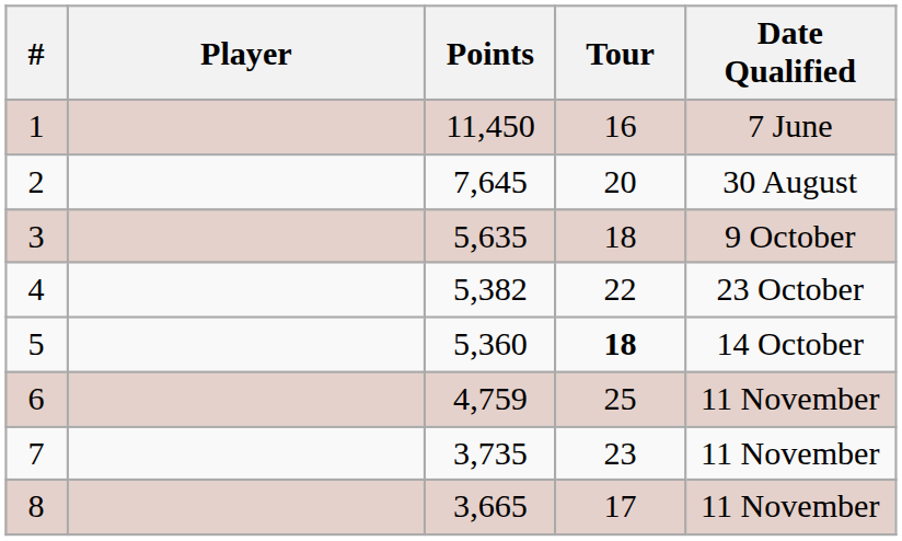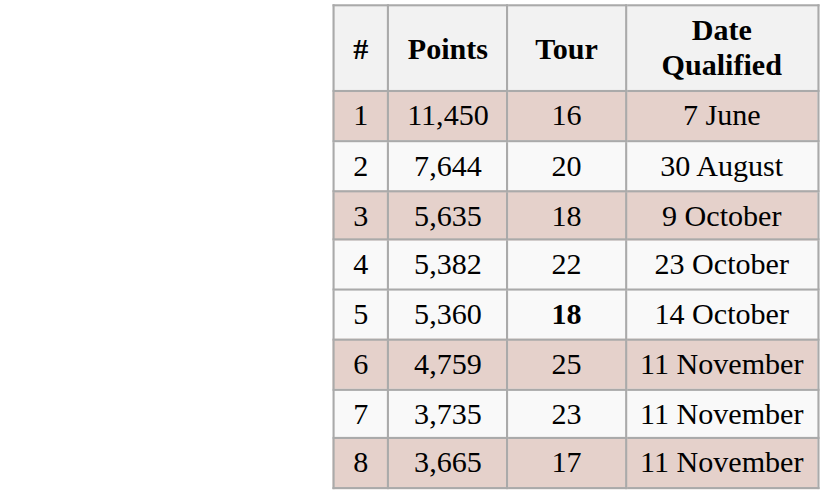 <table class="sortable wikitable" align=right style=text-align:center;font-size:90%;text:justify>
 <tr>
 <th width=20>#</th>
-<th width=150>Player</th>
 <th width=50>Points</th>
 <th width=50>Tour</th>
 <th width=85>Date Qualified</th>
 </tr>
 <tr align=center bgcolor=#e5d1cb>
 <td>1</td>
-<td align=left></td>
 <td>11,450</td>
 <td>16</td>
 <td>7 June</td>
 </tr>
 <tr align=center>
 <td>2</td>
-<td align=left></td>
-<td>7,645</td>
+<td>7,644</td>
 <td>20</td>
 <td>30 August</td>
 </tr>
 <tr align=center bgcolor=#e5d1cb>
 <td>3</td>
-<td align=left></td>
 <td>5,635</td>
 <td>18</td>
 <td>9 October</td>
 </tr>
 <tr align=center>
 <td>4</td>
-<td align=left></td>
 <td>5,382</td>
 <td>22</td>
 <td>23 October</td>
 </tr>
 <tr align=center>
 <td>5</td>
-<td align=left></td>
 <td>5,360</td>
 <td><strong>18</strong></td>
 <td>14 October</td>
 </tr>
 <tr align=center bgcolor=#e5d1cb>
 <td>6</td>
-<td align=left></td>
 <td>4,759</td>
 <td>25</td>
 <td>11 November</td>
 </tr>
 <tr align=center>
 <td>7</td>
-<td align=left></td>
 <td>3,735</td>
 <td>23</td>
 <td>11 November</td>
 </tr>
 <tr align=center bgcolor=#e5d1cb>
 <td>8</td>
-<td align=left></td>
 <td>3,665</td>
 <td>17</td>
 <td>11 November</td>
 </tr>
 </table>
